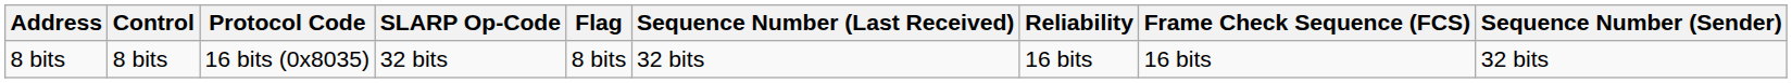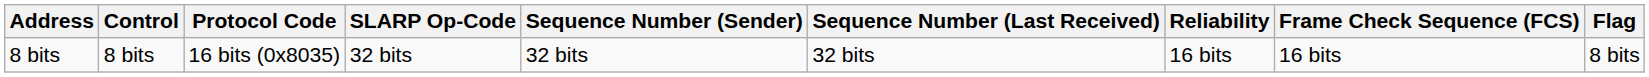 <table class="wikitable">
 <tr>
 <th>Address</th>
 <th>Control</th>
 <th>Protocol Code</th>
 <th>SLARP Op-Code</th>
-<th>Flag</th>
+<th>Sequence Number (Sender)</th>
 <th>Sequence Number (Last Received)</th>
 <th>Reliability</th>
 <th>Frame Check Sequence (FCS)</th>
-<th>Sequence Number (Sender)</th>
+<th>Flag</th>
 </tr>
 <tr>
 <td>8 bits</td>
 <td>8 bits</td>
 <td>16 bits (0x8035)</td>
 <td>32 bits</td>
-<td>8 bits</td>
+<td>32 bits</td>
 <td>32 bits</td>
 <td>16 bits</td>
 <td>16 bits</td>
-<td>32 bits</td>
+<td>8 bits</td>
 </tr>
 </table>
